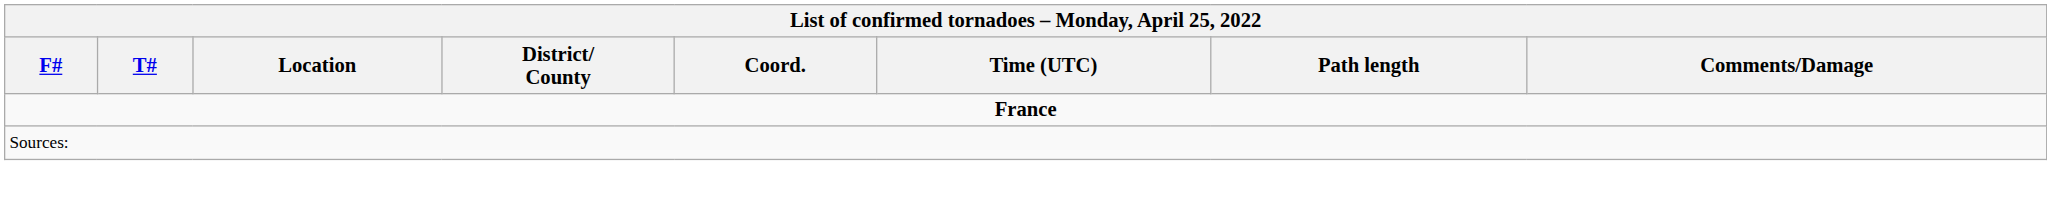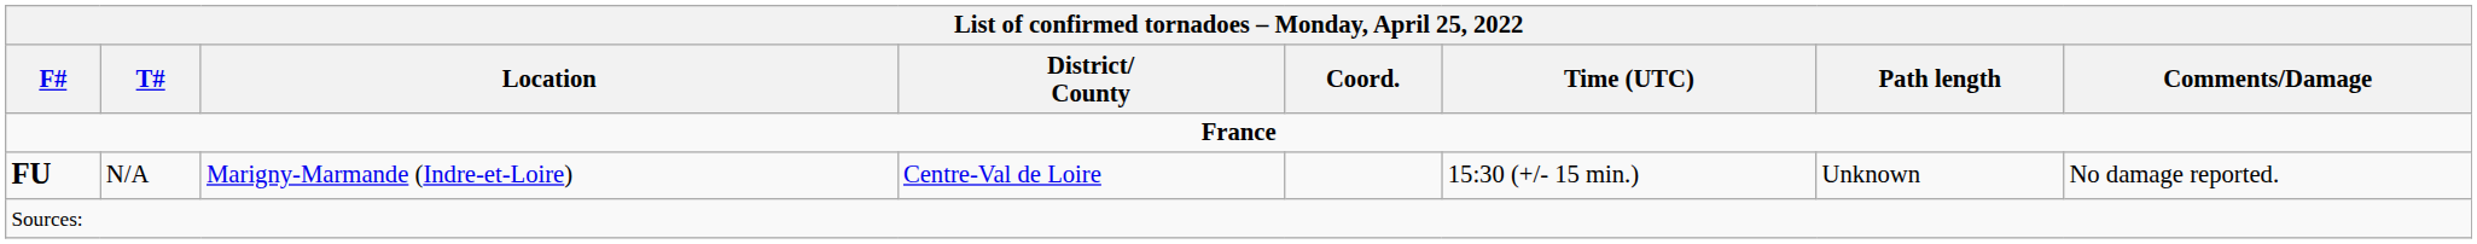 <table class="wikitable collapsible" width="100%">
 <tr>
 <th colspan="8">List of confirmed tornadoes – Monday, April 25, 2022</th>
 </tr>
 <tr>
 <th><a href='#'>F#</a></th>
 <th><a href='#'>T#</a></th>
 <th>Location</th>
 <th>District/<br>County</th>
 <th>Coord.</th>
 <th>Time (UTC)</th>
 <th>Path length</th>
 <th>Comments/Damage</th>
 </tr>
 <tr>
 <td colspan="8" align=center><strong>France</strong></td>
 </tr>
 <tr>
+<td><big><strong>FU</strong></big></td>
+<td>N/A</td>
+<td><a href='#'>Marigny-Marmande</a> (<a href='#'>Indre-et-Loire</a>)</td>
+<td><a href='#'>Centre-Val de Loire</a></td>
+<td></td>
+<td>15:30 (+/- 15 min.)</td>
+<td>Unknown</td>
+<td>No damage reported.</td>
+</tr>
+<tr>
 <td colspan="8"><small>Sources:  </small></td>
 </tr>
 </table>
